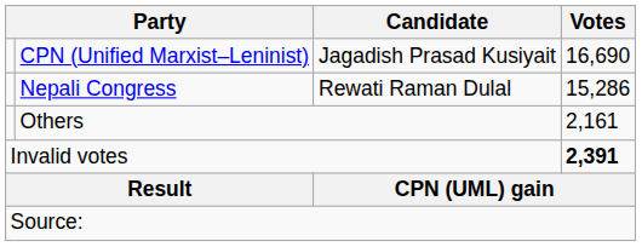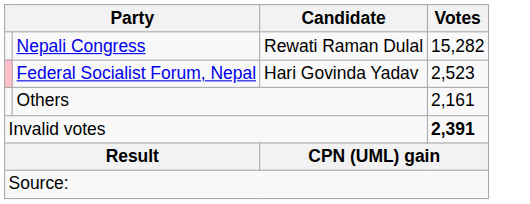 <table class="wikitable">
 <tr>
 <th colspan="2">Party</th>
 <th>Candidate</th>
 <th>Votes</th>
 </tr>
 <tr>
 <td style="background-color:"></td>
-<td><a href='#'>CPN (Unified Marxist–Leninist)</a></td>
-<td>Jagadish Prasad Kusiyait</td>
-<td>16,690</td>
+<td><a href='#'>Nepali Congress</a></td>
+<td>Rewati Raman Dulal</td>
+<td>15,282</td>
 </tr>
 <tr>
-<td style="background-color:"></td>
-<td><a href='#'>Nepali Congress</a></td>
-<td>Rewati Raman Dulal</td>
-<td>15,286</td>
+<td style="background-color:pink"></td>
+<td><a href='#'>Federal Socialist Forum, Nepal</a></td>
+<td>Hari Govinda Yadav</td>
+<td>2,523</td>
 </tr>
 <tr>
 <td></td>
 <td colspan="2">Others</td>
 <td>2,161</td>
 </tr>
 <tr>
 <td colspan="3">Invalid votes</td>
 <td><strong>2,391</strong></td>
 </tr>
 <tr>
 <th colspan="2">Result</th>
 <th colspan="2">CPN (UML) gain</th>
 </tr>
 <tr>
 <td colspan="4">Source: </td>
 </tr>
 </table>
